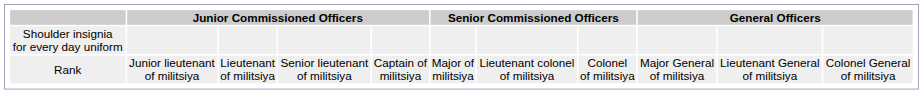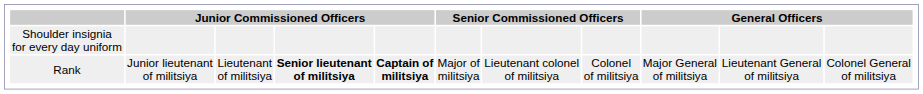 <table style="width:75%; border:1px solid #8888aa; background:#fff; padding:5px; font-size:95%; margin:0 12px 12px 0; text-align:center;">
 <tr style="background:#ccc;">
 <th></th>
 <th colspan="4">Junior Commissioned Officers</th>
 <th colspan="3">Senior Commissioned Officers</th>
 <th colspan="4">General Officers</th>
 </tr>
 <tr style="background:#efefef;">
 <td>Shoulder insignia<br>for every day uniform</td>
 <td></td>
 <td></td>
 <td></td>
 <td></td>
 <td></td>
 <td></td>
 <td></td>
 <td></td>
 <td></td>
 <td></td>
 </tr>
 <tr style="background:#efefef;">
 <td>Rank</td>
 <td>Junior lieutenant<br>of militsiya</td>
 <td>Lieutenant<br>of militsiya</td>
-<td>Senior lieutenant<br>of militsiya</td>
-<td>Captain of<br>militsiya</td>
+<td><strong>Senior lieutenant<br>of militsiya</strong></td>
+<td><strong>Captain of<br>militsiya</strong></td>
 <td>Major of<br>militsiya</td>
 <td>Lieutenant colonel<br>of militsiya</td>
 <td>Colonel<br>of militsiya</td>
 <td>Major General<br>of militsiya</td>
 <td>Lieutenant General<br>of militsiya</td>
 <td>Colonel General<br>of militsiya</td>
 </tr>
 </table>
